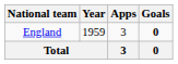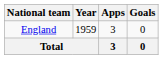 <table class="wikitable" style="text-align:center">
 <tr>
 <th>National team</th>
 <th>Year</th>
 <th>Apps</th>
 <th>Goals</th>
 </tr>
 <tr>
 <td><a href='#'>England</a></td>
 <td>1959</td>
 <td>3</td>
-<td><strong>0</strong></td>
+<td>0</td>
 </tr>
 <tr>
 <th colspan="2">Total</th>
 <th>3</th>
 <th>0</th>
 </tr>
 </table>
